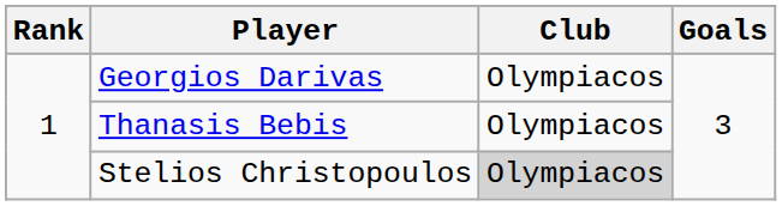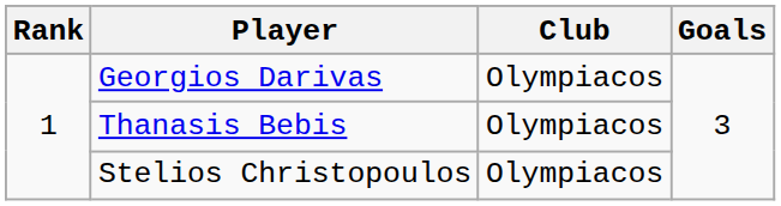 <table class="wikitable" style="text-align:center">
 <tr>
 <th>Rank</th>
 <th>Player</th>
 <th>Club</th>
 <th>Goals</th>
 </tr>
 <tr>
 <td rowspan=3>1</td>
 <td align="left"> <a href='#'>Georgios Darivas</a></td>
 <td align="left">Olympiacos</td>
 <td rowspan=3>3</td>
 </tr>
 <tr>
 <td align="left"> <a href='#'>Thanasis Bebis</a></td>
 <td align="left">Olympiacos</td>
 </tr>
 <tr>
 <td align="left"> Stelios Christopoulos</td>
-<td align="left" style="background: lightgrey;">Olympiacos</td>
+<td align="left">Olympiacos</td>
 </tr>
 </table>
